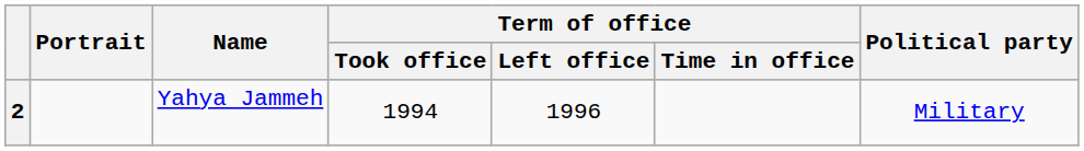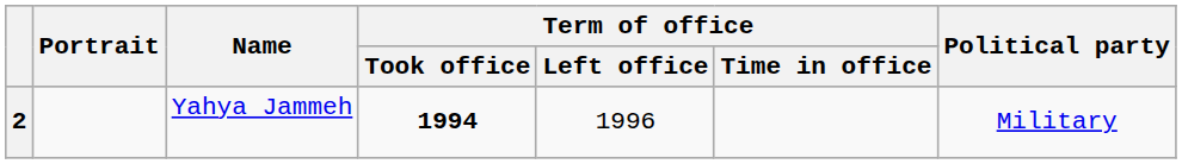 <table class="wikitable" style="text-align:center">
 <tr>
 <th rowspan="2"></th>
 <th rowspan="2">Portrait</th>
 <th rowspan="2">Name<br></th>
 <th colspan="3">Term of office</th>
 <th rowspan="2">Political party</th>
 </tr>
 <tr>
 <th>Took office</th>
 <th>Left office</th>
 <th>Time in office</th>
 </tr>
 <tr>
 <th style="background:">2</th>
 <td></td>
 <td><a href='#'> Yahya Jammeh</a><br><br></td>
-<td> 1994</td>
+<td><strong> 1994</strong></td>
 <td> 1996</td>
 <td></td>
 <td><a href='#'>Military</a></td>
 </tr>
 </table>
